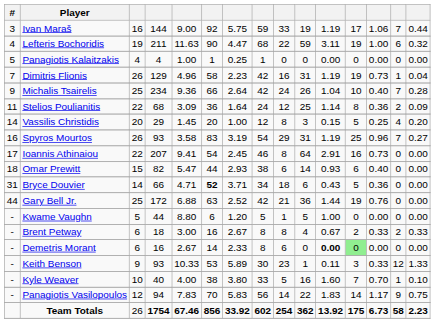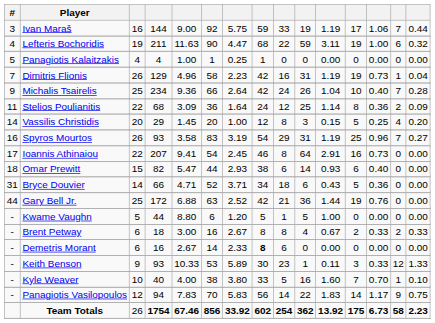 <table class="wikitable sortable" style="font-size:90%; text-align:center;">
 <tr>
 <th>#</th>
 <th>Player</th>
 <th></th>
 <th></th>
 <th></th>
 <th></th>
 <th></th>
 <th></th>
 <th></th>
 <th></th>
 <th></th>
 <th></th>
 <th></th>
 <th></th>
 <th></th>
 </tr>
 <tr>
 <td>3</td>
 <td align="left"> <a href='#'>Ivan Maraš</a></td>
 <td>16</td>
 <td>144</td>
 <td>9.00</td>
 <td>92</td>
 <td>5.75</td>
 <td>59</td>
 <td>33</td>
 <td>19</td>
 <td>1.19</td>
 <td>17</td>
 <td>1.06</td>
 <td>7</td>
 <td>0.44</td>
 </tr>
 <tr>
 </tr>
 <tr>
 <td>4</td>
 <td align="left"> <a href='#'>Lefteris Bochoridis</a></td>
 <td>19</td>
 <td>211</td>
 <td>11.63</td>
 <td>90</td>
 <td>4.47</td>
 <td>68</td>
 <td>22</td>
 <td>59</td>
 <td>3.11</td>
 <td>19</td>
 <td>1.00</td>
 <td>6</td>
 <td>0.32</td>
 </tr>
 <tr>
 </tr>
 <tr>
 <td>5</td>
 <td align="left"> <a href='#'>Panagiotis Kalaitzakis</a></td>
 <td>4</td>
 <td>4</td>
 <td>1.00</td>
 <td>1</td>
 <td>0.25</td>
 <td>1</td>
 <td>0</td>
 <td>0</td>
 <td>0.00</td>
 <td>0</td>
 <td>0.00</td>
 <td>0</td>
 <td>0.00</td>
 </tr>
 <tr>
 </tr>
 <tr>
 <td>7</td>
 <td align="left"> <a href='#'>Dimitris Flionis</a></td>
 <td>26</td>
 <td>129</td>
 <td>4.96</td>
 <td>58</td>
 <td>2.23</td>
 <td>42</td>
 <td>16</td>
 <td>31</td>
 <td>1.19</td>
 <td>19</td>
 <td>0.73</td>
 <td>1</td>
 <td>0.04</td>
 </tr>
 <tr>
 </tr>
 <tr>
 <td>9</td>
 <td align="left"> <a href='#'>Michalis Tsairelis</a></td>
 <td>25</td>
 <td>234</td>
 <td>9.36</td>
 <td>66</td>
 <td>2.64</td>
 <td>42</td>
 <td>24</td>
 <td>26</td>
 <td>1.04</td>
 <td>10</td>
 <td>0.40</td>
 <td>7</td>
 <td>0.28</td>
 </tr>
 <tr>
 </tr>
 <tr>
 <td>11</td>
 <td align="left"> <a href='#'>Stelios Poulianitis</a></td>
 <td>22</td>
 <td>68</td>
 <td>3.09</td>
 <td>36</td>
 <td>1.64</td>
 <td>24</td>
 <td>12</td>
 <td>25</td>
 <td>1.14</td>
 <td>8</td>
 <td>0.36</td>
 <td>2</td>
 <td>0.09</td>
 </tr>
 <tr>
 </tr>
 <tr>
 <td>14</td>
 <td align="left"> <a href='#'>Vassilis Christidis</a></td>
 <td>20</td>
 <td>29</td>
 <td>1.45</td>
 <td>20</td>
 <td>1.00</td>
 <td>12</td>
 <td>8</td>
 <td>3</td>
 <td>0.15</td>
 <td>5</td>
 <td>0.25</td>
 <td>4</td>
 <td>0.20</td>
 </tr>
 <tr>
 </tr>
 <tr>
 <td>16</td>
 <td align="left"> <a href='#'>Spyros Mourtos</a></td>
 <td>26</td>
 <td>93</td>
 <td>3.58</td>
 <td>83</td>
 <td>3.19</td>
 <td>54</td>
 <td>29</td>
 <td>31</td>
 <td>1.19</td>
 <td>25</td>
 <td>0.96</td>
 <td>7</td>
 <td>0.27</td>
 </tr>
 <tr>
 </tr>
 <tr>
 <td>17</td>
 <td align="left"> <a href='#'>Ioannis Athinaiou</a></td>
 <td>22</td>
 <td>207</td>
 <td>9.41</td>
 <td>54</td>
 <td>2.45</td>
 <td>46</td>
 <td>8</td>
 <td>64</td>
 <td>2.91</td>
 <td>16</td>
 <td>0.73</td>
 <td>0</td>
 <td>0.00</td>
 </tr>
 <tr>
 </tr>
 <tr>
 <td>18</td>
 <td align="left"> <a href='#'>Omar Prewitt</a></td>
 <td>15</td>
 <td>82</td>
 <td>5.47</td>
 <td>44</td>
 <td>2.93</td>
 <td>38</td>
 <td>6</td>
 <td>14</td>
 <td>0.93</td>
 <td>6</td>
 <td>0.40</td>
 <td>0</td>
 <td>0.00</td>
 </tr>
 <tr>
 </tr>
 <tr>
 <td>31</td>
 <td align="left"> <a href='#'>Bryce Douvier</a></td>
 <td>14</td>
 <td>66</td>
 <td>4.71</td>
-<td><strong>52</strong></td>
+<td>52</td>
 <td>3.71</td>
 <td>34</td>
 <td>18</td>
 <td>6</td>
 <td>0.43</td>
 <td>5</td>
 <td>0.36</td>
 <td>0</td>
 <td>0.00</td>
 </tr>
 <tr>
 </tr>
 <tr>
 <td>44</td>
 <td align="left"> <a href='#'>Gary Bell Jr.</a></td>
 <td>25</td>
 <td>172</td>
 <td>6.88</td>
 <td>63</td>
 <td>2.52</td>
 <td>42</td>
 <td>21</td>
 <td>36</td>
 <td>1.44</td>
 <td>19</td>
 <td>0.76</td>
 <td>0</td>
 <td>0.00</td>
 </tr>
 <tr>
 </tr>
 <tr>
 <td>-</td>
 <td align="left"> <a href='#'>Kwame Vaughn</a></td>
 <td>5</td>
 <td>44</td>
 <td>8.80</td>
 <td>6</td>
 <td>1.20</td>
 <td>5</td>
 <td>1</td>
 <td>5</td>
 <td>1.00</td>
 <td>0</td>
 <td>0.00</td>
 <td>0</td>
 <td>0.00</td>
 </tr>
 <tr>
 </tr>
 <tr>
 <td>-</td>
 <td align="left"> <a href='#'>Brent Petway</a></td>
 <td>6</td>
 <td>18</td>
 <td>3.00</td>
 <td>16</td>
 <td>2.67</td>
 <td>8</td>
 <td>8</td>
 <td>4</td>
 <td>0.67</td>
 <td>2</td>
 <td>0.33</td>
 <td>2</td>
 <td>0.33</td>
 </tr>
 <tr>
 </tr>
 <tr>
 <td>-</td>
 <td align="left"> <a href='#'>Demetris Morant</a></td>
 <td>6</td>
 <td>16</td>
 <td>2.67</td>
 <td>14</td>
 <td>2.33</td>
-<td>8</td>
+<td><strong>8</strong></td>
 <td>6</td>
 <td>0</td>
-<td><strong>0.00</strong></td>
-<td style="background: lightgreen;">0</td>
+<td>0.00</td>
+<td>0</td>
 <td>0.00</td>
 <td>0</td>
 <td>0.00</td>
 </tr>
 <tr>
 </tr>
 <tr>
 <td>-</td>
 <td align="left"> <a href='#'>Keith Benson</a></td>
 <td>9</td>
 <td>93</td>
 <td>10.33</td>
 <td>53</td>
 <td>5.89</td>
 <td>30</td>
 <td>23</td>
 <td>1</td>
 <td>0.11</td>
 <td>3</td>
 <td>0.33</td>
 <td>12</td>
 <td>1.33</td>
 </tr>
 <tr>
 </tr>
 <tr>
 <td>-</td>
 <td align="left"> <a href='#'>Kyle Weaver</a></td>
 <td>10</td>
 <td>40</td>
 <td>4.00</td>
 <td>38</td>
 <td>3.80</td>
 <td>33</td>
 <td>5</td>
 <td>16</td>
 <td>1.60</td>
 <td>7</td>
 <td>0.70</td>
 <td>1</td>
 <td>0.10</td>
 </tr>
 <tr>
 </tr>
 <tr>
 <td>-</td>
 <td align="left"> <a href='#'>Panagiotis Vasilopoulos</a></td>
 <td>12</td>
 <td>94</td>
 <td>7.83</td>
 <td>70</td>
 <td>5.83</td>
 <td>56</td>
 <td>14</td>
 <td>22</td>
 <td>1.83</td>
 <td>14</td>
 <td>1.17</td>
 <td>9</td>
 <td>0.75</td>
 </tr>
 <tr>
 </tr>
 <tr>
 <td></td>
 <td><strong>Team Totals</strong></td>
 <td>26</td>
 <td><strong>1754</strong></td>
 <td><strong>67.46</strong></td>
 <td><strong>856</strong></td>
 <td><strong>33.92</strong></td>
 <td><strong>602</strong></td>
 <td><strong>254</strong></td>
 <td><strong>362</strong></td>
 <td><strong>13.92</strong></td>
 <td><strong>175</strong></td>
 <td><strong>6.73</strong></td>
 <td><strong>58</strong></td>
 <td><strong>2.23</strong></td>
 </tr>
 <tr>
 </tr>
 </table>
